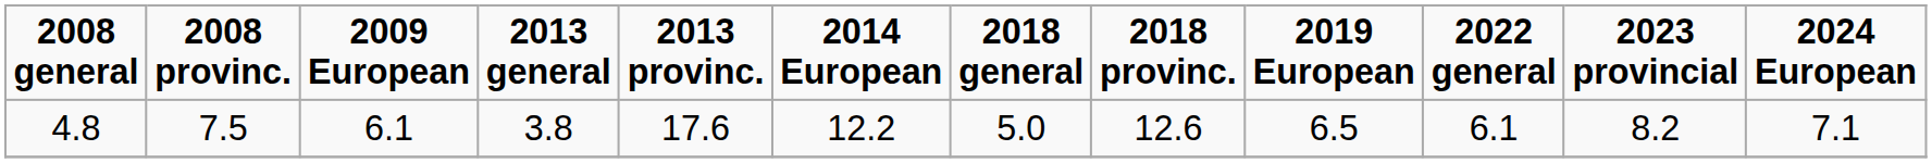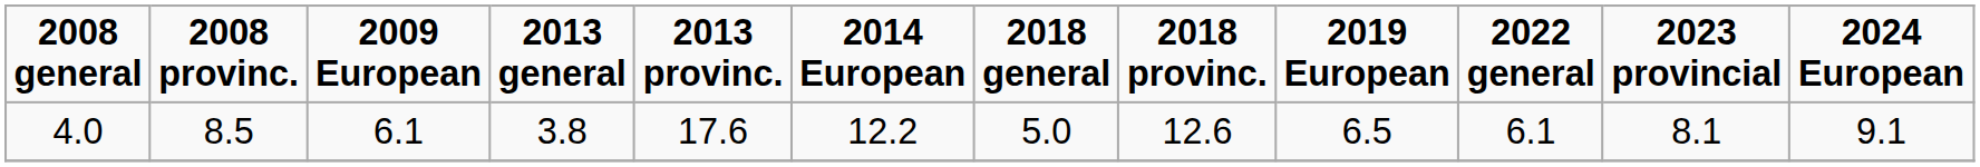 <table class="wikitable" style="text-align:center">
 <tr>
 <td><strong>2008 general</strong></td>
 <td><strong>2008 provinc.</strong></td>
 <td><strong>2009 European</strong></td>
 <td><strong>2013 general</strong></td>
 <td><strong>2013 provinc.</strong></td>
 <td><strong>2014 European</strong></td>
 <td><strong>2018 general</strong></td>
 <td><strong>2018 provinc.</strong></td>
 <td><strong>2019 European</strong></td>
 <td><strong>2022 general</strong></td>
 <td><strong>2023 provincial</strong></td>
 <td><strong>2024 European</strong></td>
 </tr>
 <tr>
-<td>4.8</td>
-<td>7.5</td>
+<td>4.0</td>
+<td>8.5</td>
 <td>6.1</td>
 <td>3.8</td>
 <td>17.6</td>
 <td>12.2</td>
 <td>5.0</td>
 <td>12.6</td>
 <td>6.5</td>
 <td>6.1</td>
-<td>8.2</td>
-<td>7.1</td>
+<td>8.1</td>
+<td>9.1</td>
 </tr>
 <tr>
 </tr>
 </table>
